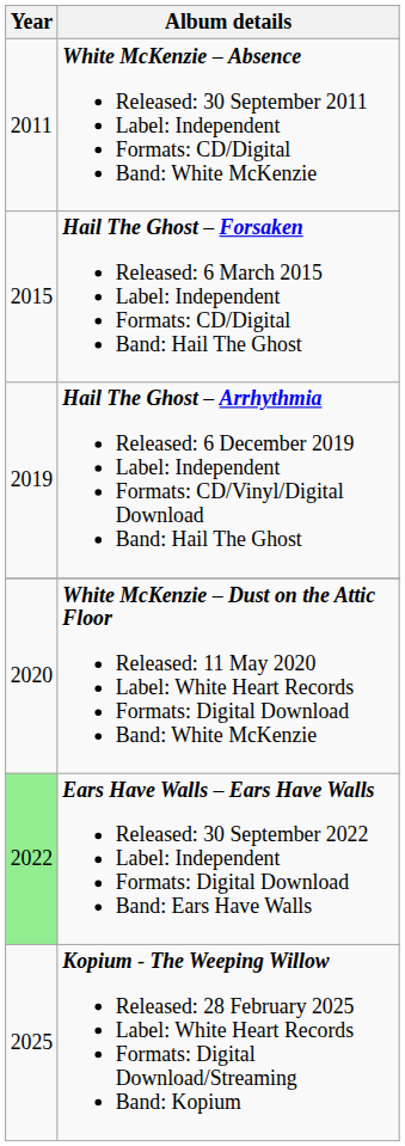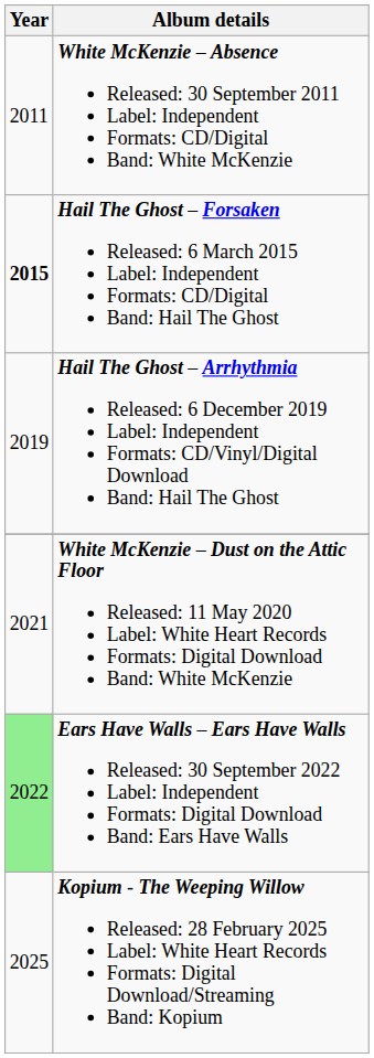 <table class="wikitable">
 <tr>
 <th>Year</th>
 <th style="width:250px;">Album details</th>
 </tr>
 <tr>
 <td>2011</td>
 <td><strong><em>White McKenzie</em></strong> – <strong><em>Absence</em></strong><br><ul><li>Released: 30 September 2011</li><li>Label: Independent</li><li>Formats: CD/Digital</li><li>Band: White McKenzie</li></ul></td>
 </tr>
 <tr>
-<td>2015</td>
+<td><strong>2015</strong></td>
 <td><strong><em>Hail The Ghost</em></strong> – <strong><em><a href='#'>Forsaken</a></em></strong><br><ul><li>Released: 6 March 2015</li><li>Label: Independent</li><li>Formats: CD/Digital</li><li>Band: Hail The Ghost</li></ul></td>
 </tr>
 <tr>
 <td>2019</td>
 <td><strong><em>Hail The Ghost</em></strong> – <strong><em><a href='#'>Arrhythmia</a></em></strong><br><ul><li>Released: 6 December 2019</li><li>Label: Independent</li><li>Formats: CD/Vinyl/Digital Download</li><li>Band: Hail The Ghost</li></ul></td>
 </tr>
 <tr>
 </tr>
 <tr>
-<td>2020</td>
+<td>2021</td>
 <td><strong><em>White McKenzie</em></strong> – <strong><em>Dust on the Attic Floor</em></strong><br><ul><li>Released: 11 May 2020</li><li>Label: White Heart Records</li><li>Formats: Digital Download</li><li>Band: White McKenzie</li></ul></td>
 </tr>
 <tr>
 <td style="background: lightgreen;">2022</td>
 <td><strong><em>Ears Have Walls</em></strong> – <strong><em>Ears Have Walls</em></strong><br><ul><li>Released: 30 September 2022</li><li>Label: Independent</li><li>Formats: Digital Download</li><li>Band: Ears Have Walls</li></ul></td>
 </tr>
 <tr>
 <td>2025</td>
 <td><strong><em>Kopium</em></strong> - <strong><em>The Weeping Willow</em></strong><br><ul><li>Released: 28 February 2025</li><li>Label: White Heart Records</li><li>Formats: Digital Download/Streaming</li><li>Band: Kopium</li></ul></td>
 </tr>
 <tr>
 </tr>
 </table>
